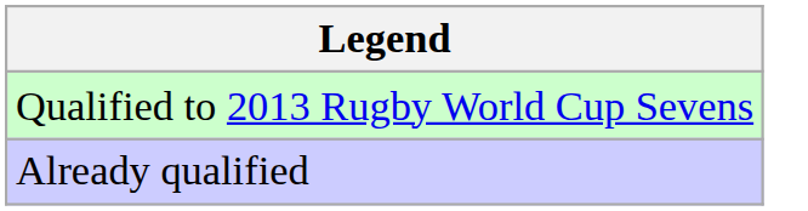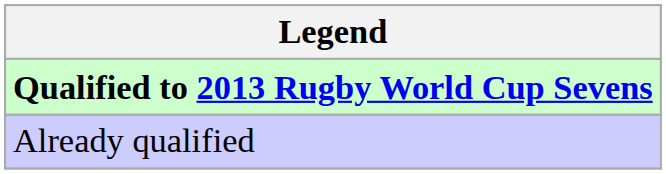 <table class="wikitable">
 <tr>
 <th>Legend</th>
 </tr>
 <tr bgcolor=ccffcc>
-<td>Qualified to <a href='#'>2013 Rugby World Cup Sevens</a></td>
+<td><strong>Qualified to <a href='#'>2013 Rugby World Cup Sevens</a></strong></td>
 </tr>
 <tr bgcolor=ccccff>
 <td>Already qualified</td>
 </tr>
 </table>
